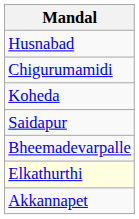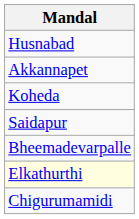 <table class="wikitable sortable static-row-numbers static-row-header-hash">
 <tr>
 <th>Mandal</th>
 </tr>
 <tr>
 <td><a href='#'>Husnabad</a></td>
 </tr>
 <tr>
-<td><a href='#'>Chigurumamidi</a></td>
+<td><a href='#'>Akkannapet</a></td>
 </tr>
 <tr>
 <td><a href='#'>Koheda</a></td>
 </tr>
 <tr>
 <td><a href='#'>Saidapur</a></td>
 </tr>
 <tr>
 <td><a href='#'>Bheemadevarpalle</a></td>
 </tr>
 <tr>
 <td style="background: lightyellow;"><a href='#'>Elkathurthi</a></td>
 </tr>
 <tr>
-<td><a href='#'>Akkannapet</a></td>
+<td><a href='#'>Chigurumamidi</a></td>
 </tr>
 </table>
